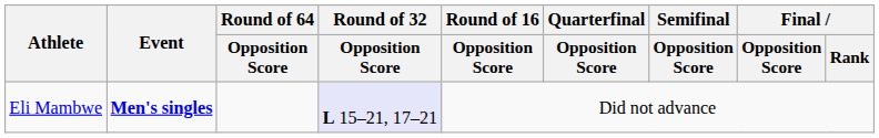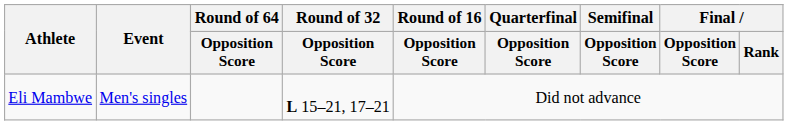 <table class=wikitable style="font-size:90%">
 <tr>
 <th rowspan="2">Athlete</th>
 <th rowspan="2">Event</th>
 <th>Round of 64</th>
 <th>Round of 32</th>
 <th>Round of 16</th>
 <th>Quarterfinal</th>
 <th>Semifinal</th>
 <th colspan=2>Final / </th>
 </tr>
 <tr style="font-size:95%">
 <th>Opposition<br>Score</th>
 <th>Opposition<br>Score</th>
 <th>Opposition<br>Score</th>
 <th>Opposition<br>Score</th>
 <th>Opposition<br>Score</th>
 <th>Opposition<br>Score</th>
 <th>Rank</th>
 </tr>
 <tr align=center>
 <td align=left><a href='#'>Eli Mambwe</a></td>
-<td align=left><strong><a href='#'>Men's singles</a></strong></td>
+<td align=left><a href='#'>Men's singles</a></td>
 <td></td>
-<td style="background: lavender;"><br><strong>L</strong> 15–21, 17–21</td>
+<td><br><strong>L</strong> 15–21, 17–21</td>
 <td colspan=5>Did not advance</td>
 </tr>
 </table>
